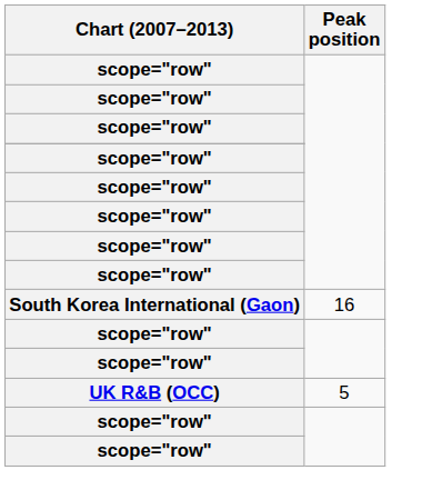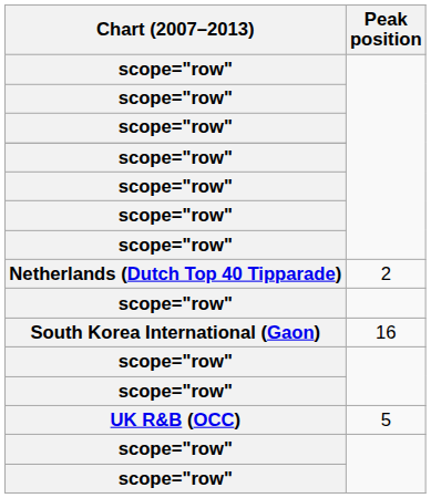 <table class="wikitable sortable plainrowheaders" style="text-align:center">
 <tr>
 <th scope="col">Chart (2007–2013)</th>
 <th scope="col">Peak<br>position</th>
 </tr>
 <tr>
 <th>scope="row" </th>
 </tr>
 <tr>
 <th>scope="row" </th>
 </tr>
 <tr>
 <th>scope="row" </th>
 </tr>
 <tr>
 </tr>
 <tr>
 <th>scope="row" </th>
 </tr>
 <tr>
 <th>scope="row" </th>
 </tr>
 <tr>
 <th>scope="row" </th>
 </tr>
 <tr>
 <th>scope="row" </th>
 </tr>
 <tr>
+<th scope="row">Netherlands (<a href='#'>Dutch Top 40 Tipparade</a>)</th>
+<td style="text-align:center;">2</td>
+</tr>
+<tr>
 <th>scope="row" </th>
 </tr>
 <tr>
 <th scope="row">South Korea International (<a href='#'>Gaon</a>)</th>
 <td style="text-align:center;">16</td>
 </tr>
 <tr>
 <th>scope="row" </th>
 </tr>
 <tr>
 <th>scope="row" </th>
 </tr>
 <tr>
 <th scope="row"><a href='#'>UK R&B</a> (<a href='#'>OCC</a>)</th>
 <td align="center">5</td>
 </tr>
 <tr>
 <th>scope="row" </th>
 </tr>
 <tr>
 <th>scope="row" </th>
 </tr>
 </table>
